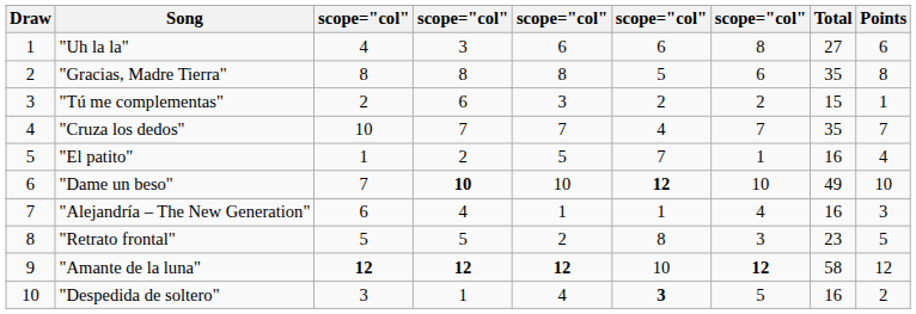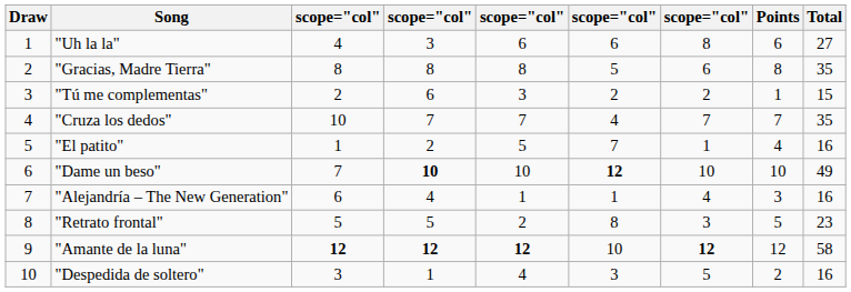 <table class="wikitable collapsible" style="margin: 1em auto 1em auto; text-align:center;">
 <tr>
 <th>Draw</th>
 <th>Song</th>
 <th>scope="col" </th>
 <th>scope="col" </th>
 <th>scope="col" </th>
 <th>scope="col" </th>
 <th>scope="col" </th>
+<th>Points</th>
 <th>Total</th>
-<th>Points</th>
 </tr>
 <tr>
 <td>1</td>
 <td align="left">"Uh la la"</td>
 <td>4</td>
 <td>3</td>
 <td>6</td>
 <td>6</td>
 <td>8</td>
+<td>6</td>
 <td>27</td>
-<td>6</td>
 </tr>
 <tr>
 <td>2</td>
 <td align="left">"Gracias, Madre Tierra"</td>
 <td>8</td>
 <td>8</td>
 <td>8</td>
 <td>5</td>
 <td>6</td>
+<td>8</td>
 <td>35</td>
-<td>8</td>
 </tr>
 <tr>
 <td>3</td>
 <td align="left">"Tú me complementas"</td>
 <td>2</td>
 <td>6</td>
 <td>3</td>
 <td>2</td>
 <td>2</td>
+<td>1</td>
 <td>15</td>
-<td>1</td>
 </tr>
 <tr>
 <td>4</td>
 <td align="left">"Cruza los dedos"</td>
 <td>10</td>
 <td>7</td>
 <td>7</td>
 <td>4</td>
 <td>7</td>
+<td>7</td>
 <td>35</td>
-<td>7</td>
 </tr>
 <tr>
 <td>5</td>
 <td align="left">"El patito"</td>
 <td>1</td>
 <td>2</td>
 <td>5</td>
 <td>7</td>
 <td>1</td>
+<td>4</td>
 <td>16</td>
-<td>4</td>
 </tr>
 <tr>
 <td>6</td>
 <td align="left">"Dame un beso"</td>
 <td>7</td>
 <td><strong>10</strong></td>
 <td>10</td>
 <td><strong>12</strong></td>
 <td>10</td>
+<td>10</td>
 <td>49</td>
-<td>10</td>
 </tr>
 <tr>
 <td>7</td>
 <td align="left">"Alejandría – The New Generation"</td>
 <td>6</td>
 <td>4</td>
 <td>1</td>
 <td>1</td>
 <td>4</td>
+<td>3</td>
 <td>16</td>
-<td>3</td>
 </tr>
 <tr>
 <td>8</td>
 <td align="left">"Retrato frontal"</td>
 <td>5</td>
 <td>5</td>
 <td>2</td>
 <td>8</td>
 <td>3</td>
+<td>5</td>
 <td>23</td>
-<td>5</td>
 </tr>
 <tr>
 <td>9</td>
 <td align="left">"Amante de la luna"</td>
 <td><strong>12</strong></td>
 <td><strong>12</strong></td>
 <td><strong>12</strong></td>
 <td>10</td>
 <td><strong>12</strong></td>
+<td>12</td>
 <td>58</td>
-<td>12</td>
 </tr>
 <tr>
 <td>10</td>
 <td align="left">"Despedida de soltero"</td>
 <td>3</td>
 <td>1</td>
 <td>4</td>
-<td><strong>3</strong></td>
+<td>3</td>
 <td>5</td>
+<td>2</td>
 <td>16</td>
-<td>2</td>
 </tr>
 </table>
